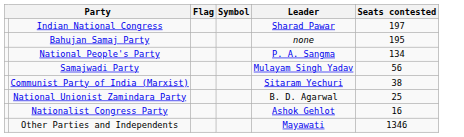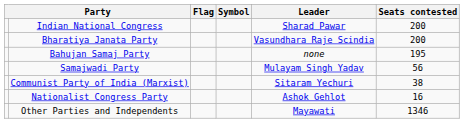 <table class="wikitable" style="text-align:center;">
 <tr>
 <th colspan="2">Party</th>
 <th>Flag</th>
 <th>Symbol</th>
 <th>Leader</th>
 <th>Seats contested</th>
 </tr>
 <tr>
 <td></td>
 <td><a href='#'>Indian National Congress</a></td>
 <td></td>
 <td></td>
 <td><a href='#'>Sharad Pawar</a></td>
-<td>197</td>
+<td>200</td>
+</tr>
+<tr>
+<td></td>
+<td><a href='#'>Bharatiya Janata Party</a></td>
+<td></td>
+<td></td>
+<td><a href='#'>Vasundhara Raje Scindia</a></td>
+<td>200</td>
 </tr>
 <tr>
 <td></td>
 <td><a href='#'>Bahujan Samaj Party</a></td>
 <td></td>
 <td></td>
 <td><em>none</em></td>
 <td>195</td>
-</tr>
-<tr>
-<td></td>
-<td><a href='#'>National People's Party</a></td>
-<td></td>
-<td></td>
-<td><a href='#'>P. A. Sangma</a></td>
-<td>134</td>
 </tr>
 <tr>
 <td></td>
 <td><a href='#'>Samajwadi Party</a></td>
 <td></td>
 <td></td>
 <td><a href='#'>Mulayam Singh Yadav</a></td>
 <td>56</td>
 </tr>
 <tr>
 <td></td>
 <td><a href='#'>Communist Party of India (Marxist)</a></td>
 <td></td>
 <td></td>
 <td><a href='#'>Sitaram Yechuri</a></td>
 <td>38</td>
 </tr>
 <tr>
 <td></td>
-<td><a href='#'>National Unionist Zamindara Party</a></td>
-<td></td>
-<td></td>
-<td>B. D. Agarwal</td>
-<td>25</td>
-</tr>
-<tr>
-<td></td>
 <td><a href='#'>Nationalist Congress Party</a></td>
 <td></td>
 <td></td>
 <td><a href='#'>Ashok Gehlot</a></td>
 <td>16</td>
 </tr>
 <tr>
 <td></td>
 <td>Other Parties and Independents</td>
 <td></td>
 <td></td>
 <td><a href='#'>Mayawati</a></td>
 <td>1346</td>
 </tr>
 </table>
